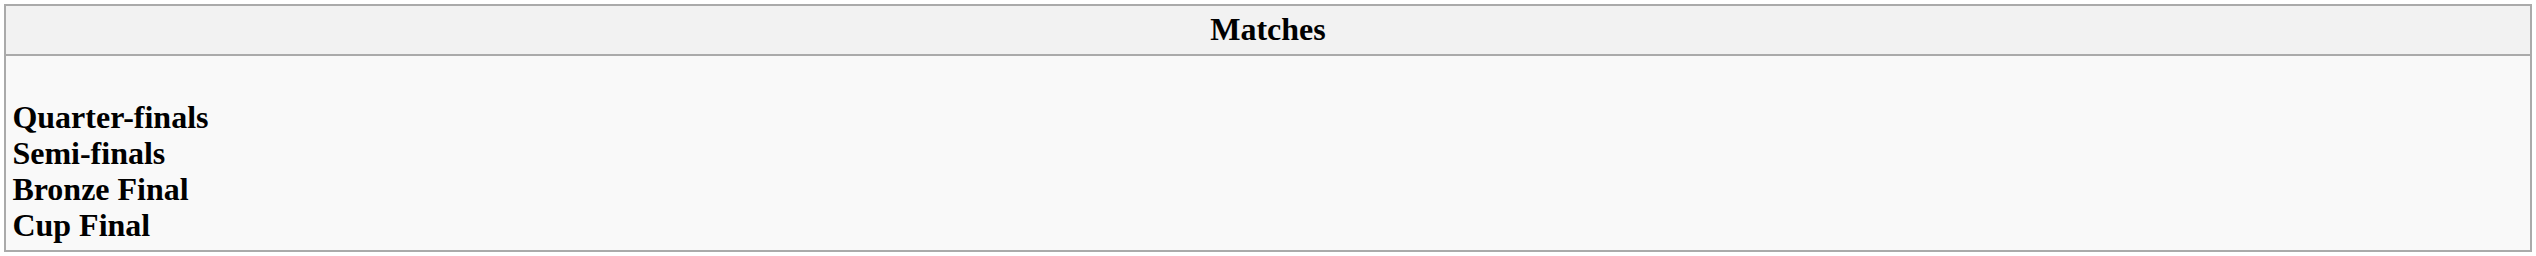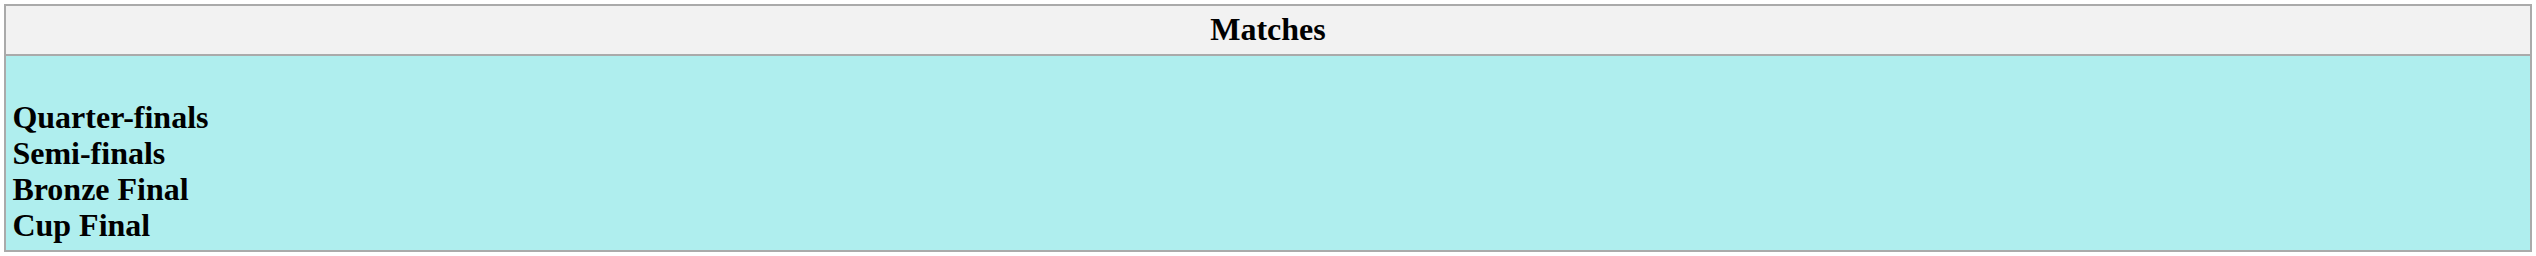 <table class="wikitable collapsible collapsed" style="width:100%;">
 <tr>
 <th>Matches</th>
 </tr>
 <tr>
-<td><br><strong>Quarter-finals</strong>    <br><strong>Semi-finals</strong>  <br><strong>Bronze Final</strong> <br><strong>Cup Final</strong> </td>
+<td style="background: paleturquoise;"><br><strong>Quarter-finals</strong>    <br><strong>Semi-finals</strong>  <br><strong>Bronze Final</strong> <br><strong>Cup Final</strong> </td>
 </tr>
 </table>
